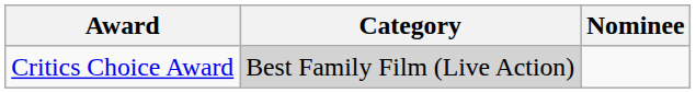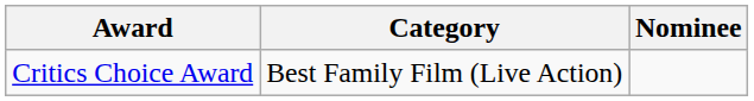 <table class="wikitable sortable">
 <tr>
 <th>Award</th>
 <th>Category</th>
 <th>Nominee</th>
 </tr>
 <tr>
 <td rowspan="2"><a href='#'>Critics Choice Award</a></td>
-<td style="background: lightgrey;">Best Family Film (Live Action)</td>
+<td>Best Family Film (Live Action)</td>
 <td></td>
 </tr>
 </table>
